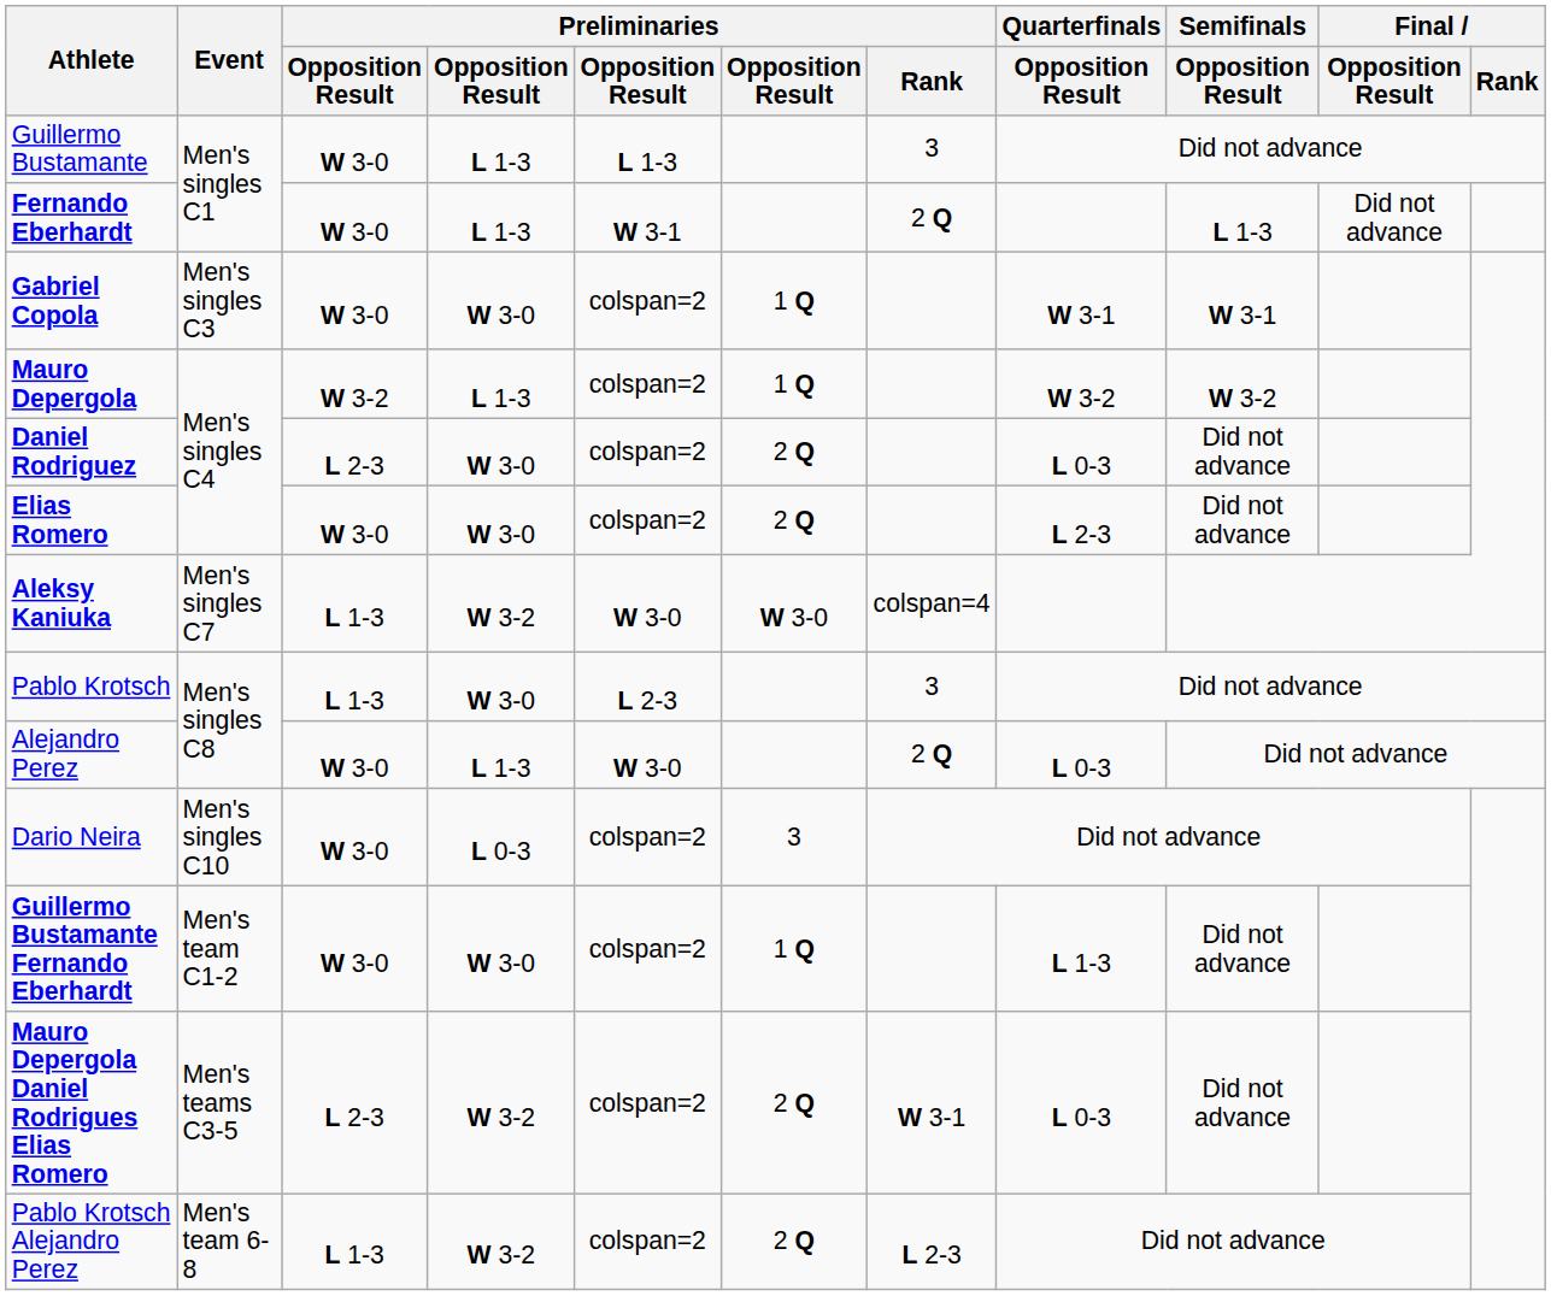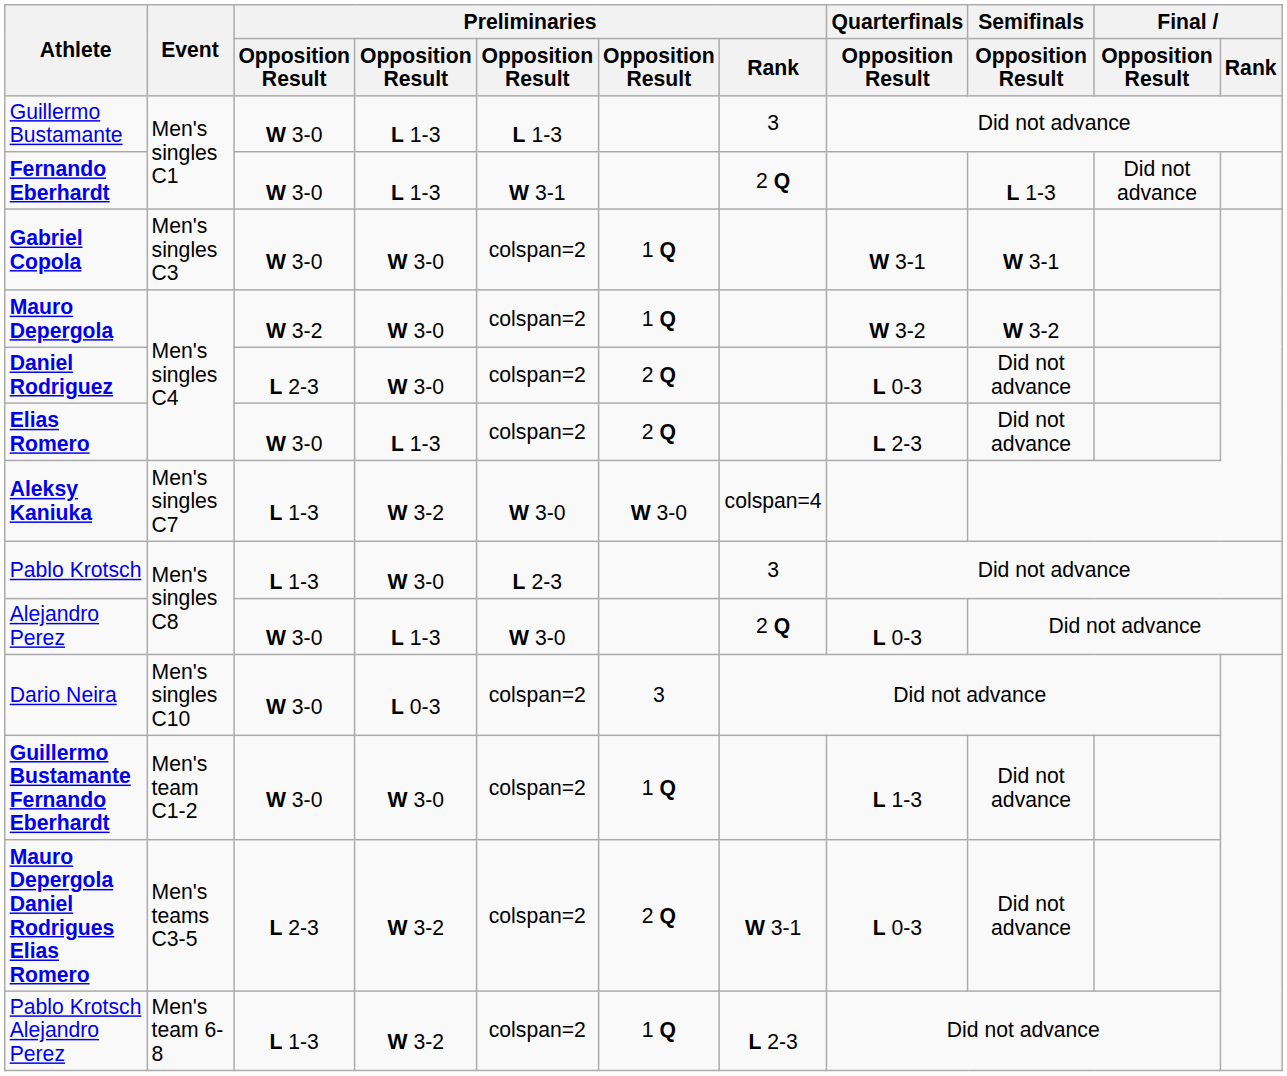 <table class=wikitable style="font-size:90%">
 <tr>
 <th rowspan="2">Athlete</th>
 <th rowspan="2">Event</th>
 <th colspan="5">Preliminaries</th>
 <th>Quarterfinals</th>
 <th>Semifinals</th>
 <th colspan="2">Final / </th>
 </tr>
 <tr>
 <th>Opposition<br>Result</th>
 <th>Opposition<br>Result</th>
 <th>Opposition<br>Result</th>
 <th>Opposition<br>Result</th>
 <th>Rank</th>
 <th>Opposition<br>Result</th>
 <th>Opposition<br>Result</th>
 <th>Opposition<br>Result</th>
 <th>Rank</th>
 </tr>
 <tr align=center>
 <td align=left><a href='#'>Guillermo Bustamante</a></td>
 <td align=left rowspan=2>Men's singles C1</td>
 <td><br><strong>W</strong> 3-0</td>
 <td><br><strong>L</strong> 1-3</td>
 <td><br><strong>L</strong> 1-3</td>
 <td></td>
 <td>3</td>
 <td colspan=4>Did not advance</td>
 </tr>
 <tr align=center>
 <td align=left><strong><a href='#'>Fernando Eberhardt</a></strong></td>
 <td><br><strong>W</strong> 3-0</td>
 <td><br><strong>L</strong> 1-3</td>
 <td><br><strong>W</strong> 3-1</td>
 <td></td>
 <td>2 <strong>Q</strong></td>
 <td></td>
 <td><br><strong>L</strong> 1-3</td>
 <td>Did not advance</td>
 <td></td>
 </tr>
 <tr align=center>
 <td align=left><strong><a href='#'>Gabriel Copola</a></strong></td>
 <td align=left>Men's singles C3</td>
 <td><br><strong>W</strong> 3-0</td>
 <td><br><strong>W</strong> 3-0</td>
 <td>colspan=2 </td>
 <td>1 <strong>Q</strong></td>
 <td></td>
 <td><br><strong>W</strong> 3-1</td>
 <td><br><strong>W</strong> 3-1</td>
 <td></td>
 </tr>
 <tr align=center>
 <td align=left><strong><a href='#'>Mauro Depergola</a></strong></td>
 <td align=left rowspan=3>Men's singles C4</td>
 <td><br><strong>W</strong> 3-2</td>
-<td><br><strong>L</strong> 1-3</td>
+<td><br><strong>W</strong> 3-0</td>
 <td>colspan=2 </td>
 <td>1 <strong>Q</strong></td>
 <td></td>
 <td><br><strong>W</strong> 3-2</td>
 <td><br><strong>W</strong> 3-2</td>
 <td></td>
 </tr>
 <tr align=center>
 <td align=left><strong><a href='#'>Daniel Rodriguez</a></strong></td>
 <td><br><strong>L</strong> 2-3</td>
 <td><br><strong>W</strong> 3-0</td>
 <td>colspan=2 </td>
 <td>2 <strong>Q</strong></td>
 <td></td>
 <td><br><strong>L</strong> 0-3</td>
 <td>Did not advance</td>
 <td></td>
 </tr>
 <tr align=center>
 <td align=left><strong><a href='#'>Elias Romero</a></strong></td>
 <td><br><strong>W</strong> 3-0</td>
-<td><br><strong>W</strong> 3-0</td>
+<td><br><strong>L</strong> 1-3</td>
 <td>colspan=2 </td>
 <td>2 <strong>Q</strong></td>
 <td></td>
 <td><br><strong>L</strong> 2-3</td>
 <td>Did not advance</td>
 <td></td>
 </tr>
 <tr align=center>
 <td align=left><strong><a href='#'>Aleksy Kaniuka</a></strong></td>
 <td align=left>Men's singles C7</td>
 <td><br><strong>L</strong> 1-3</td>
 <td><br><strong>W</strong> 3-2</td>
 <td><br><strong>W</strong> 3-0</td>
 <td><br><strong>W</strong> 3-0</td>
 <td>colspan=4 </td>
 <td></td>
 </tr>
 <tr align=center>
 <td align=left><a href='#'>Pablo Krotsch</a></td>
 <td align=left rowspan=2>Men's singles C8</td>
 <td><br><strong>L</strong> 1-3</td>
 <td><br><strong>W</strong> 3-0</td>
 <td><br><strong>L</strong> 2-3</td>
 <td></td>
 <td>3</td>
 <td colspan=4>Did not advance</td>
 </tr>
 <tr align=center>
 <td align=left><a href='#'>Alejandro Perez</a></td>
 <td><br><strong>W</strong> 3-0</td>
 <td><br><strong>L</strong> 1-3</td>
 <td><br><strong>W</strong> 3-0</td>
 <td></td>
 <td>2 <strong>Q</strong></td>
 <td><br><strong>L</strong> 0-3</td>
 <td colspan=3>Did not advance</td>
 </tr>
 <tr align=center>
 <td align=left><a href='#'>Dario Neira</a></td>
 <td align=left>Men's singles C10</td>
 <td><br><strong>W</strong> 3-0</td>
 <td><br><strong>L</strong> 0-3</td>
 <td>colspan=2 </td>
 <td>3</td>
 <td colspan=4>Did not advance</td>
 </tr>
 <tr align=center>
 <td align=left><strong><a href='#'>Guillermo Bustamante</a><br><a href='#'>Fernando Eberhardt</a></strong></td>
 <td align=left>Men's team C1-2</td>
 <td><br><strong>W</strong> 3-0</td>
 <td><br><strong>W</strong> 3-0</td>
 <td>colspan=2 </td>
 <td>1 <strong>Q</strong></td>
 <td></td>
 <td><br><strong>L</strong> 1-3</td>
 <td>Did not advance</td>
 <td></td>
 </tr>
 <tr align=center>
 <td align=left><strong><a href='#'>Mauro Depergola</a><br><a href='#'>Daniel Rodrigues</a><br><a href='#'>Elias Romero</a></strong></td>
 <td align=left>Men's teams C3-5</td>
 <td><br><strong>L</strong> 2-3</td>
 <td><br><strong>W</strong> 3-2</td>
 <td>colspan=2 </td>
 <td>2 <strong>Q</strong></td>
 <td><br><strong>W</strong> 3-1</td>
 <td><br><strong>L</strong> 0-3</td>
 <td>Did not advance</td>
 <td></td>
 </tr>
 <tr align=center>
 <td align=left><a href='#'>Pablo Krotsch</a><br><a href='#'>Alejandro Perez</a></td>
 <td align=left>Men's team 6-8</td>
 <td><br><strong>L</strong> 1-3</td>
 <td><br><strong>W</strong> 3-2</td>
 <td>colspan=2 </td>
-<td>2 <strong>Q</strong></td>
+<td>1 <strong>Q</strong></td>
 <td><br><strong>L</strong> 2-3</td>
 <td colspan=3>Did not advance</td>
 </tr>
 </table>
